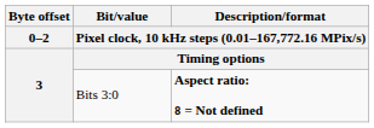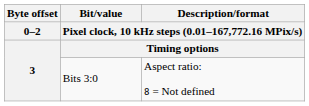 <table class=wikitable>
 <tr>
 <th>Byte offset</th>
 <th>Bit/value</th>
 <th>Description/format</th>
 </tr>
 <tr>
 <th>0–2</th>
 <th colspan=2>Pixel clock, 10 kHz steps (0.01–167,772.16 MPix/s)</th>
 </tr>
 <tr>
 <th rowspan=2>3</th>
 <th colspan=2>Timing options</th>
 </tr>
 <tr>
 <td>Bits 3:0</td>
-<td><strong>Aspect ratio:<br><br><code>8</code> = Not defined</strong></td>
+<td>Aspect ratio:<br><br><code>8</code> = Not defined</td>
 </tr>
 </table>
